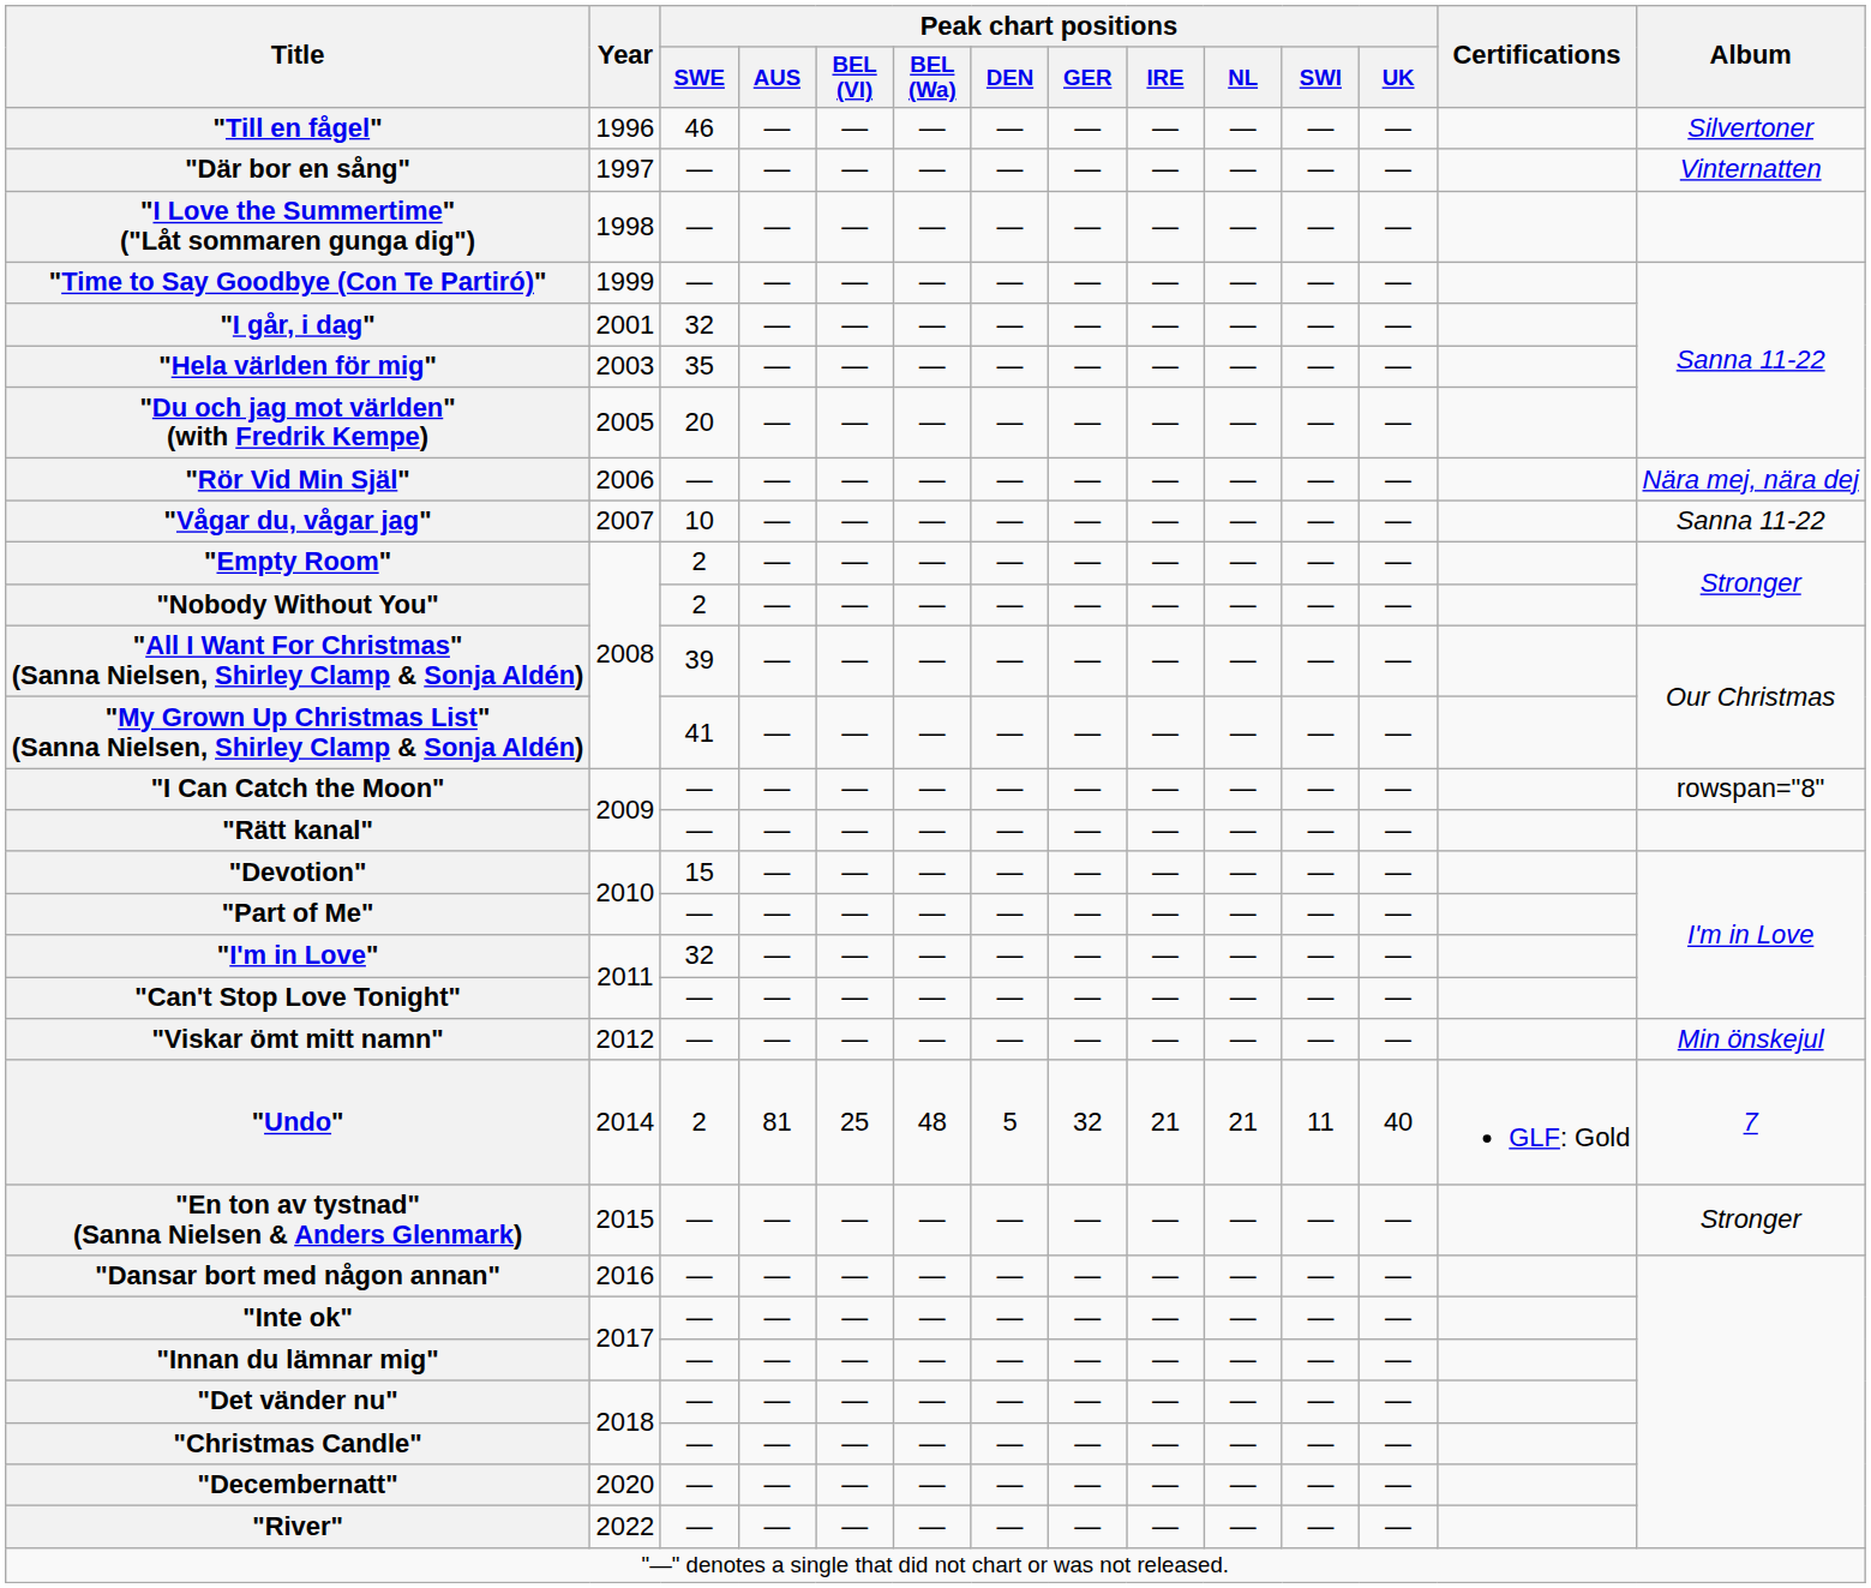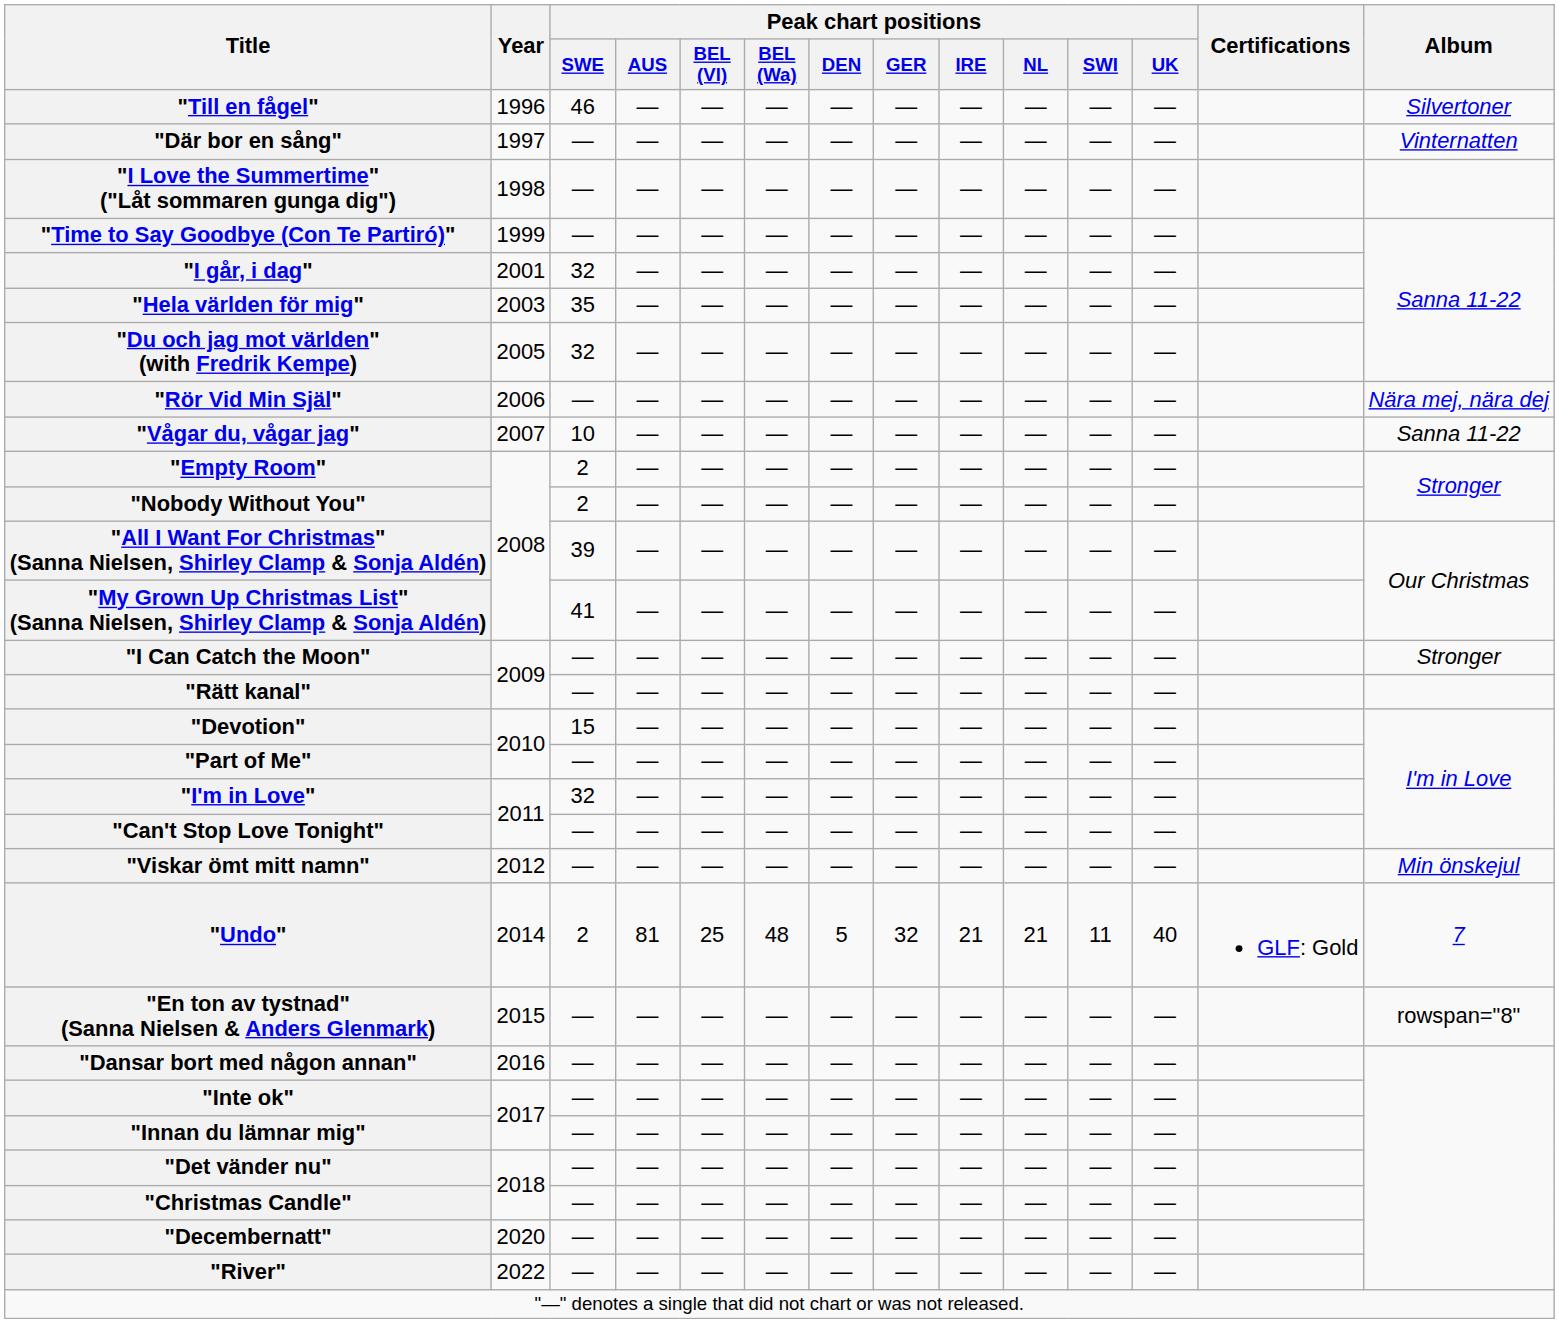 <table class="wikitable plainrowheaders" style="text-align:center;">
 <tr>
 <th scope="col" rowspan="2">Title</th>
 <th scope="col" rowspan="2">Year</th>
 <th scope="col" colspan="10">Peak chart positions</th>
 <th scope="col" rowspan="2">Certifications</th>
 <th scope="col" rowspan="2">Album</th>
 </tr>
 <tr>
 <th scope="col" style="width:3em;font-size:85%;"><a href='#'>SWE</a><br></th>
 <th scope="col" style="width:3em;font-size:85%;"><a href='#'>AUS</a><br></th>
 <th scope="col" style="width:3em;font-size:85%;"><a href='#'>BEL (Vl)</a><br></th>
 <th scope="col" style="width:3em;font-size:85%;"><a href='#'>BEL (Wa)</a><br></th>
 <th scope="col" style="width:3em;font-size:85%;"><a href='#'>DEN</a><br></th>
 <th scope="col" style="width:3em;font-size:85%;"><a href='#'>GER</a><br></th>
 <th scope="col" style="width:3em;font-size:85%;"><a href='#'>IRE</a><br></th>
 <th scope="col" style="width:3em;font-size:85%;"><a href='#'>NL</a><br></th>
 <th scope="col" style="width:3em;font-size:85%;"><a href='#'>SWI</a><br></th>
 <th scope="col" style="width:3em;font-size:85%;"><a href='#'>UK</a><br></th>
 </tr>
 <tr>
 <th scope="row">"<a href='#'>Till en fågel</a>"</th>
 <td>1996</td>
 <td>46</td>
 <td>—</td>
 <td>—</td>
 <td>—</td>
 <td>—</td>
 <td>—</td>
 <td>—</td>
 <td>—</td>
 <td>—</td>
 <td>—</td>
 <td></td>
 <td><em><a href='#'>Silvertoner</a></em></td>
 </tr>
 <tr>
 <th scope="row">"Där bor en sång" </th>
 <td>1997</td>
 <td>—</td>
 <td>—</td>
 <td>—</td>
 <td>—</td>
 <td>—</td>
 <td>—</td>
 <td>—</td>
 <td>—</td>
 <td>—</td>
 <td>—</td>
 <td></td>
 <td><em><a href='#'>Vinternatten</a></em></td>
 </tr>
 <tr>
 <th scope="row">"<a href='#'>I Love the Summertime</a>" <br> ("Låt sommaren gunga dig") </th>
 <td>1998</td>
 <td>—</td>
 <td>—</td>
 <td>—</td>
 <td>—</td>
 <td>—</td>
 <td>—</td>
 <td>—</td>
 <td>—</td>
 <td>—</td>
 <td>—</td>
 <td></td>
 <td></td>
 </tr>
 <tr>
 <th scope="row">"<a href='#'>Time to Say Goodbye (Con Te Partiró)</a>" </th>
 <td>1999</td>
 <td>—</td>
 <td>—</td>
 <td>—</td>
 <td>—</td>
 <td>—</td>
 <td>—</td>
 <td>—</td>
 <td>—</td>
 <td>—</td>
 <td>—</td>
 <td></td>
 <td rowspan="4"><em><a href='#'>Sanna 11-22</a></em></td>
 </tr>
 <tr>
 <th scope="row">"<a href='#'>I går, i dag</a>"</th>
 <td>2001</td>
 <td>32</td>
 <td>—</td>
 <td>—</td>
 <td>—</td>
 <td>—</td>
 <td>—</td>
 <td>—</td>
 <td>—</td>
 <td>—</td>
 <td>—</td>
 <td></td>
 </tr>
 <tr>
 <th scope="row">"<a href='#'>Hela världen för mig</a>"</th>
 <td>2003</td>
 <td>35</td>
 <td>—</td>
 <td>—</td>
 <td>—</td>
 <td>—</td>
 <td>—</td>
 <td>—</td>
 <td>—</td>
 <td>—</td>
 <td>—</td>
 <td></td>
 </tr>
 <tr>
 <th scope="row">"<a href='#'>Du och jag mot världen</a>"<br><span>(with <a href='#'>Fredrik Kempe</a>)</span></th>
 <td>2005</td>
-<td>20</td>
+<td>32</td>
 <td>—</td>
 <td>—</td>
 <td>—</td>
 <td>—</td>
 <td>—</td>
 <td>—</td>
 <td>—</td>
 <td>—</td>
 <td>—</td>
 <td></td>
 </tr>
 <tr>
 <th scope="row">"<a href='#'>Rör Vid Min Själ</a>"</th>
 <td>2006</td>
 <td>—</td>
 <td>—</td>
 <td>—</td>
 <td>—</td>
 <td>—</td>
 <td>—</td>
 <td>—</td>
 <td>—</td>
 <td>—</td>
 <td>—</td>
 <td></td>
 <td><em><a href='#'>Nära mej, nära dej</a></em></td>
 </tr>
 <tr>
 <th scope="row">"<a href='#'>Vågar du, vågar jag</a>"</th>
 <td>2007</td>
 <td>10</td>
 <td>—</td>
 <td>—</td>
 <td>—</td>
 <td>—</td>
 <td>—</td>
 <td>—</td>
 <td>—</td>
 <td>—</td>
 <td>—</td>
 <td></td>
 <td><em>Sanna 11-22</em></td>
 </tr>
 <tr>
 <th scope="row">"<a href='#'>Empty Room</a>"</th>
 <td rowspan="4">2008</td>
 <td>2</td>
 <td>—</td>
 <td>—</td>
 <td>—</td>
 <td>—</td>
 <td>—</td>
 <td>—</td>
 <td>—</td>
 <td>—</td>
 <td>—</td>
 <td></td>
 <td rowspan="2"><em><a href='#'>Stronger</a></em></td>
 </tr>
 <tr>
 <th scope="row">"Nobody Without You"</th>
 <td>2</td>
 <td>—</td>
 <td>—</td>
 <td>—</td>
 <td>—</td>
 <td>—</td>
 <td>—</td>
 <td>—</td>
 <td>—</td>
 <td>—</td>
 <td></td>
 </tr>
 <tr>
 <th scope="row">"<a href='#'>All I Want For Christmas</a>"<br><span>(Sanna Nielsen, <a href='#'>Shirley Clamp</a> & <a href='#'>Sonja Aldén</a>)</span></th>
 <td>39</td>
 <td>—</td>
 <td>—</td>
 <td>—</td>
 <td>—</td>
 <td>—</td>
 <td>—</td>
 <td>—</td>
 <td>—</td>
 <td>—</td>
 <td></td>
 <td rowspan="2"><em>Our Christmas</em></td>
 </tr>
 <tr>
 <th scope="row">"<a href='#'>My Grown Up Christmas List</a>"<br><span>(Sanna Nielsen, <a href='#'>Shirley Clamp</a> & <a href='#'>Sonja Aldén</a>)</span></th>
 <td>41</td>
 <td>—</td>
 <td>—</td>
 <td>—</td>
 <td>—</td>
 <td>—</td>
 <td>—</td>
 <td>—</td>
 <td>—</td>
 <td>—</td>
 <td></td>
 </tr>
 <tr>
 <th scope="row">"I Can Catch the Moon"</th>
 <td rowspan="2">2009</td>
 <td>—</td>
 <td>—</td>
 <td>—</td>
 <td>—</td>
 <td>—</td>
 <td>—</td>
 <td>—</td>
 <td>—</td>
 <td>—</td>
 <td>—</td>
 <td></td>
-<td>rowspan="8" </td>
+<td><em>Stronger</em></td>
 </tr>
 <tr>
 <th scope="row">"Rätt kanal" </th>
 <td>—</td>
 <td>—</td>
 <td>—</td>
 <td>—</td>
 <td>—</td>
 <td>—</td>
 <td>—</td>
 <td>—</td>
 <td>—</td>
 <td>—</td>
 <td></td>
 <td></td>
 </tr>
 <tr>
 <th scope="row">"Devotion"</th>
 <td rowspan="2">2010</td>
 <td>15</td>
 <td>—</td>
 <td>—</td>
 <td>—</td>
 <td>—</td>
 <td>—</td>
 <td>—</td>
 <td>—</td>
 <td>—</td>
 <td>—</td>
 <td></td>
 <td rowspan="4"><em><a href='#'>I'm in Love</a></em></td>
 </tr>
 <tr>
 <th scope="row">"Part of Me"</th>
 <td>—</td>
 <td>—</td>
 <td>—</td>
 <td>—</td>
 <td>—</td>
 <td>—</td>
 <td>—</td>
 <td>—</td>
 <td>—</td>
 <td>—</td>
 <td></td>
 </tr>
 <tr>
 <th scope="row">"<a href='#'>I'm in Love</a>"</th>
 <td rowspan="2">2011</td>
 <td>32</td>
 <td>—</td>
 <td>—</td>
 <td>—</td>
 <td>—</td>
 <td>—</td>
 <td>—</td>
 <td>—</td>
 <td>—</td>
 <td>—</td>
 <td></td>
 </tr>
 <tr>
 <th scope="row">"Can't Stop Love Tonight"</th>
 <td>—</td>
 <td>—</td>
 <td>—</td>
 <td>—</td>
 <td>—</td>
 <td>—</td>
 <td>—</td>
 <td>—</td>
 <td>—</td>
 <td>—</td>
 <td></td>
 </tr>
 <tr>
 <th scope="row">"Viskar ömt mitt namn"</th>
 <td>2012</td>
 <td>—</td>
 <td>—</td>
 <td>—</td>
 <td>—</td>
 <td>—</td>
 <td>—</td>
 <td>—</td>
 <td>—</td>
 <td>—</td>
 <td>—</td>
 <td></td>
 <td><em><a href='#'>Min önskejul</a></em></td>
 </tr>
 <tr>
 <th scope="row">"<a href='#'>Undo</a>"</th>
 <td>2014</td>
 <td>2</td>
 <td>81</td>
 <td>25</td>
 <td>48</td>
 <td>5</td>
 <td>32</td>
 <td>21</td>
 <td>21</td>
 <td>11</td>
 <td>40</td>
 <td><br><ul><li><a href='#'>GLF</a>: Gold</li></ul></td>
 <td><em><a href='#'>7</a></em></td>
 </tr>
 <tr>
 <th scope="row">"En ton av tystnad"<br><span>(Sanna Nielsen & <a href='#'>Anders Glenmark</a>)</span></th>
 <td>2015</td>
 <td>—</td>
 <td>—</td>
 <td>—</td>
 <td>—</td>
 <td>—</td>
 <td>—</td>
 <td>—</td>
 <td>—</td>
 <td>—</td>
 <td>—</td>
 <td></td>
-<td><em>Stronger</em></td>
+<td>rowspan="8" </td>
 </tr>
 <tr>
 <th scope="row">"Dansar bort med någon annan"</th>
 <td>2016</td>
 <td>—</td>
 <td>—</td>
 <td>—</td>
 <td>—</td>
 <td>—</td>
 <td>—</td>
 <td>—</td>
 <td>—</td>
 <td>—</td>
 <td>—</td>
 <td></td>
 </tr>
 <tr>
 <th scope="row">"Inte ok"</th>
 <td rowspan="2">2017</td>
 <td>—</td>
 <td>—</td>
 <td>—</td>
 <td>—</td>
 <td>—</td>
 <td>—</td>
 <td>—</td>
 <td>—</td>
 <td>—</td>
 <td>—</td>
 <td></td>
 </tr>
 <tr>
 <th scope="row">"Innan du lämnar mig"</th>
 <td>—</td>
 <td>—</td>
 <td>—</td>
 <td>—</td>
 <td>—</td>
 <td>—</td>
 <td>—</td>
 <td>—</td>
 <td>—</td>
 <td>—</td>
 <td></td>
 </tr>
 <tr>
 <th scope="row">"Det vänder nu"</th>
 <td rowspan="2">2018</td>
 <td>—</td>
 <td>—</td>
 <td>—</td>
 <td>—</td>
 <td>—</td>
 <td>—</td>
 <td>—</td>
 <td>—</td>
 <td>—</td>
 <td>—</td>
 <td></td>
 </tr>
 <tr>
 <th scope="row">"Christmas Candle"</th>
 <td>—</td>
 <td>—</td>
 <td>—</td>
 <td>—</td>
 <td>—</td>
 <td>—</td>
 <td>—</td>
 <td>—</td>
 <td>—</td>
 <td>—</td>
 <td></td>
 </tr>
 <tr>
 <th scope="row">"Decembernatt"</th>
 <td>2020</td>
 <td>—</td>
 <td>—</td>
 <td>—</td>
 <td>—</td>
 <td>—</td>
 <td>—</td>
 <td>—</td>
 <td>—</td>
 <td>—</td>
 <td>—</td>
 <td></td>
 </tr>
 <tr>
 <th scope="row">"River"</th>
 <td>2022</td>
 <td>—</td>
 <td>—</td>
 <td>—</td>
 <td>—</td>
 <td>—</td>
 <td>—</td>
 <td>—</td>
 <td>—</td>
 <td>—</td>
 <td>—</td>
 <td></td>
 </tr>
 <tr>
 <td colspan="18" style="font-size:85%">"—" denotes a single that did not chart or was not released.</td>
 </tr>
 </table>
